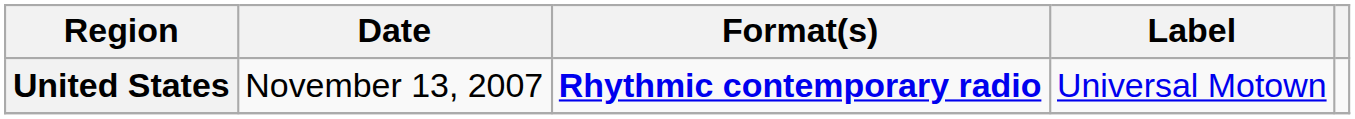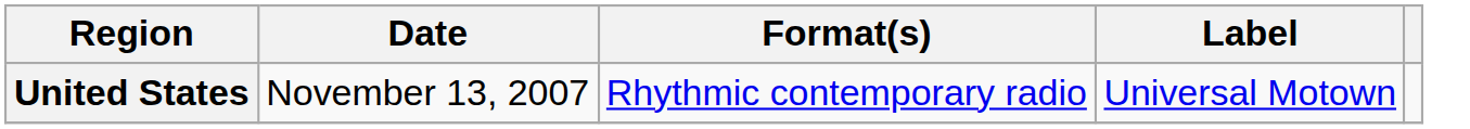 <table class="wikitable plainrowheaders">
 <tr>
 <th scope="col">Region</th>
 <th scope="col">Date</th>
 <th scope="col">Format(s)</th>
 <th scope="col">Label</th>
 <th scope="col"></th>
 </tr>
 <tr>
 <th scope="row">United States</th>
 <td>November 13, 2007</td>
-<td><strong><a href='#'>Rhythmic contemporary radio</a></strong></td>
+<td><a href='#'>Rhythmic contemporary radio</a></td>
 <td><a href='#'>Universal Motown</a></td>
 <td></td>
 </tr>
 <tr>
 </tr>
 </table>
